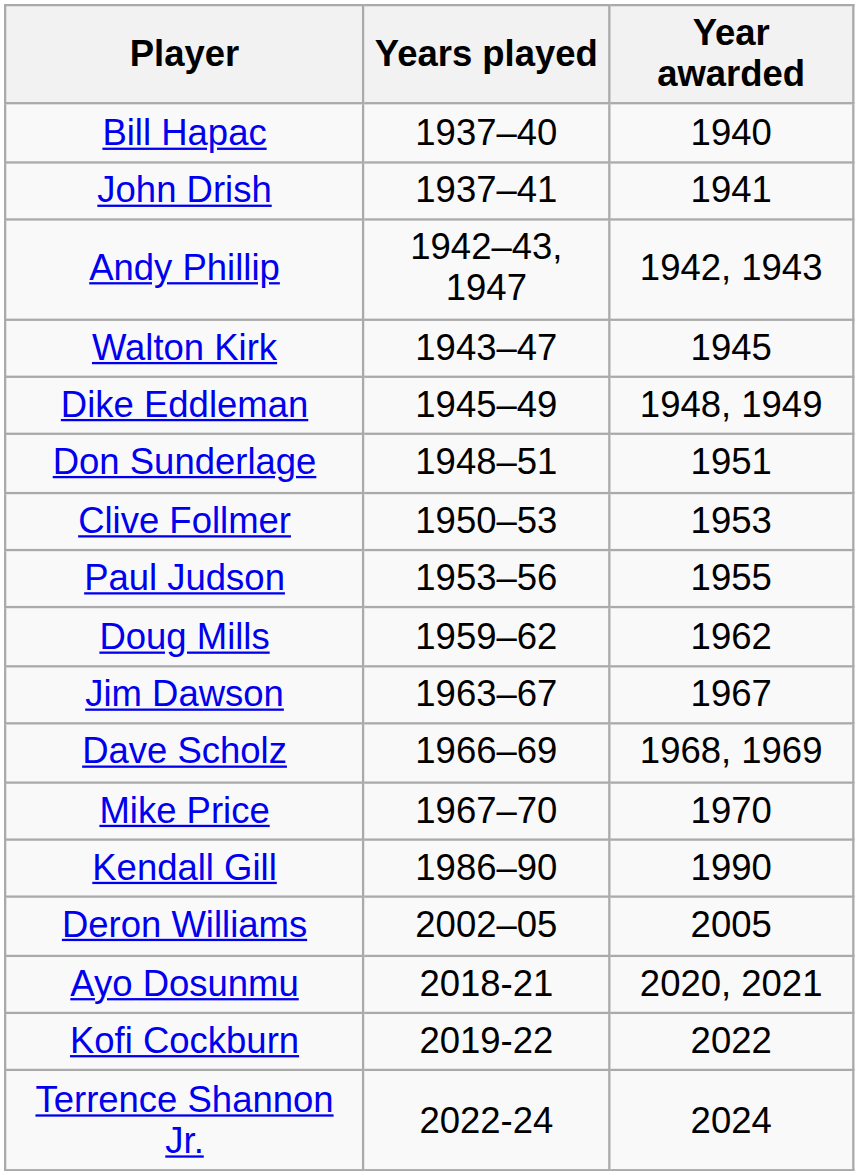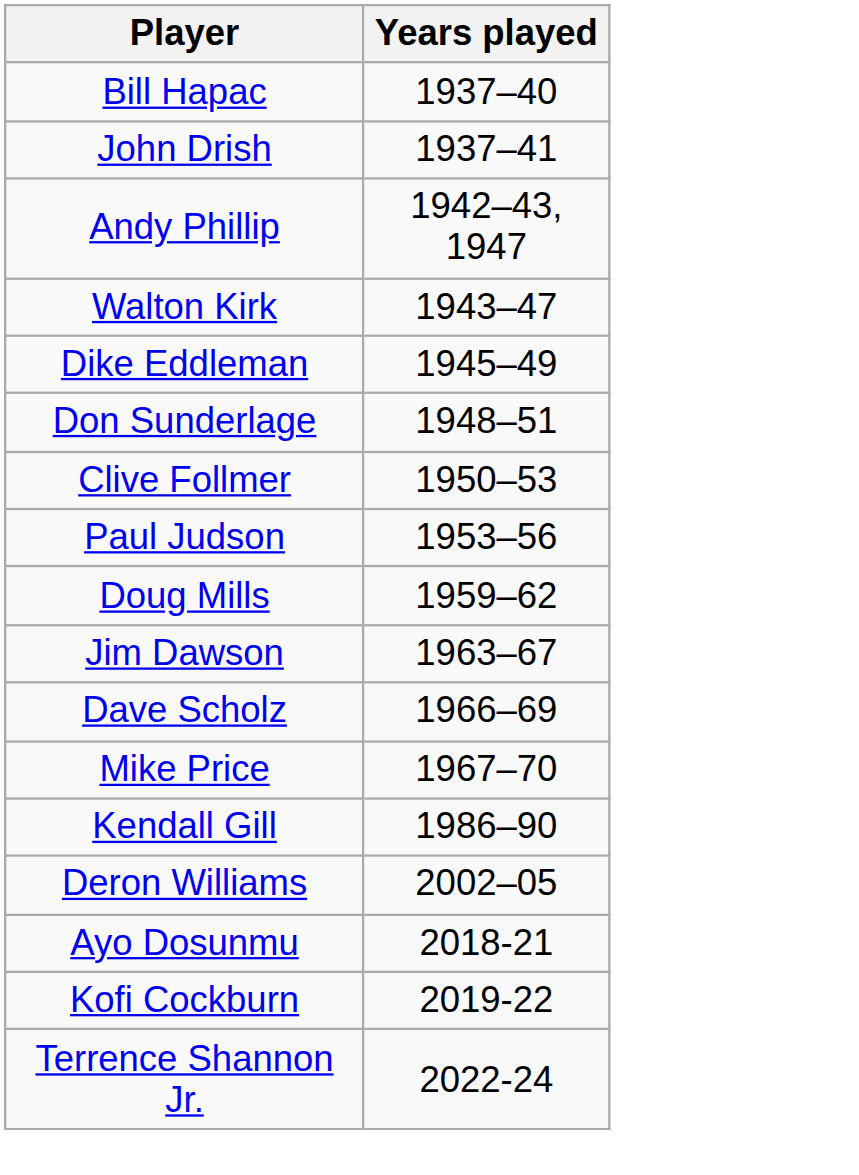 <table class="wikitable" style=text-align:center; font-size:95%;">
 <tr>
 <th width=150px>Player</th>
 <th width=100px>Years played</th>
-<th width=100px>Year awarded</th>
 </tr>
 <tr>
 <td><a href='#'>Bill Hapac</a></td>
 <td>1937–40</td>
-<td>1940</td>
 </tr>
 <tr>
 <td><a href='#'>John Drish</a></td>
 <td>1937–41</td>
-<td>1941</td>
 </tr>
 <tr>
 <td><a href='#'>Andy Phillip</a></td>
 <td>1942–43, 1947</td>
-<td>1942, 1943</td>
 </tr>
 <tr>
 <td><a href='#'>Walton Kirk</a></td>
 <td>1943–47</td>
-<td>1945</td>
 </tr>
 <tr>
 <td><a href='#'>Dike Eddleman</a></td>
 <td>1945–49</td>
-<td>1948, 1949</td>
 </tr>
 <tr>
 <td><a href='#'>Don Sunderlage</a></td>
 <td>1948–51</td>
-<td>1951</td>
 </tr>
 <tr>
 <td><a href='#'>Clive Follmer</a></td>
 <td>1950–53</td>
-<td>1953</td>
 </tr>
 <tr>
 <td><a href='#'>Paul Judson</a></td>
 <td>1953–56</td>
-<td>1955</td>
 </tr>
 <tr>
 <td><a href='#'>Doug Mills</a></td>
 <td>1959–62</td>
-<td>1962</td>
 </tr>
 <tr>
 <td><a href='#'>Jim Dawson</a></td>
 <td>1963–67</td>
-<td>1967</td>
 </tr>
 <tr>
 <td><a href='#'>Dave Scholz</a></td>
 <td>1966–69</td>
-<td>1968, 1969</td>
 </tr>
 <tr>
 <td><a href='#'>Mike Price</a></td>
 <td>1967–70</td>
-<td>1970</td>
 </tr>
 <tr>
 <td><a href='#'>Kendall Gill</a></td>
 <td>1986–90</td>
-<td>1990</td>
 </tr>
 <tr>
 <td><a href='#'>Deron Williams</a></td>
 <td>2002–05</td>
-<td>2005</td>
 </tr>
 <tr>
 <td><a href='#'>Ayo Dosunmu</a></td>
 <td>2018-21</td>
-<td>2020, 2021</td>
 </tr>
 <tr>
 <td><a href='#'>Kofi Cockburn</a></td>
 <td>2019-22</td>
-<td>2022</td>
 </tr>
 <tr>
 <td><a href='#'>Terrence Shannon Jr.</a></td>
 <td>2022-24</td>
-<td>2024</td>
 </tr>
 </table>
